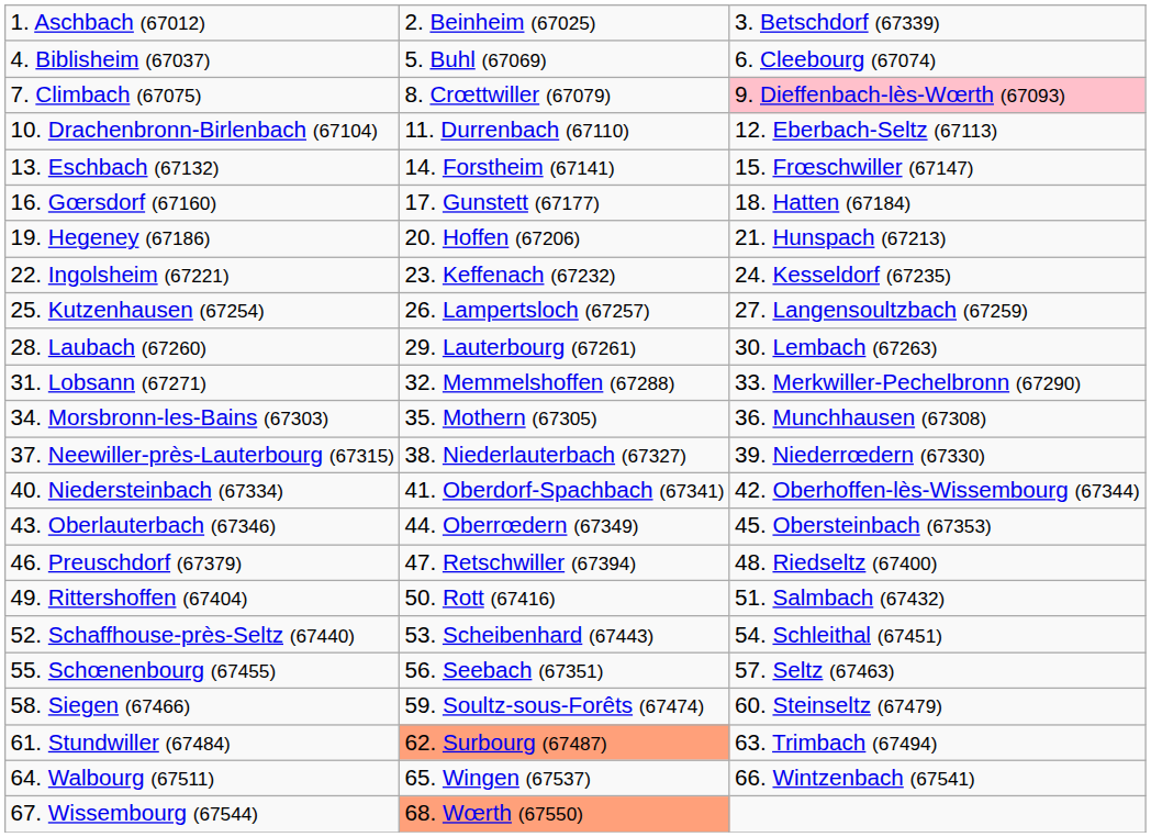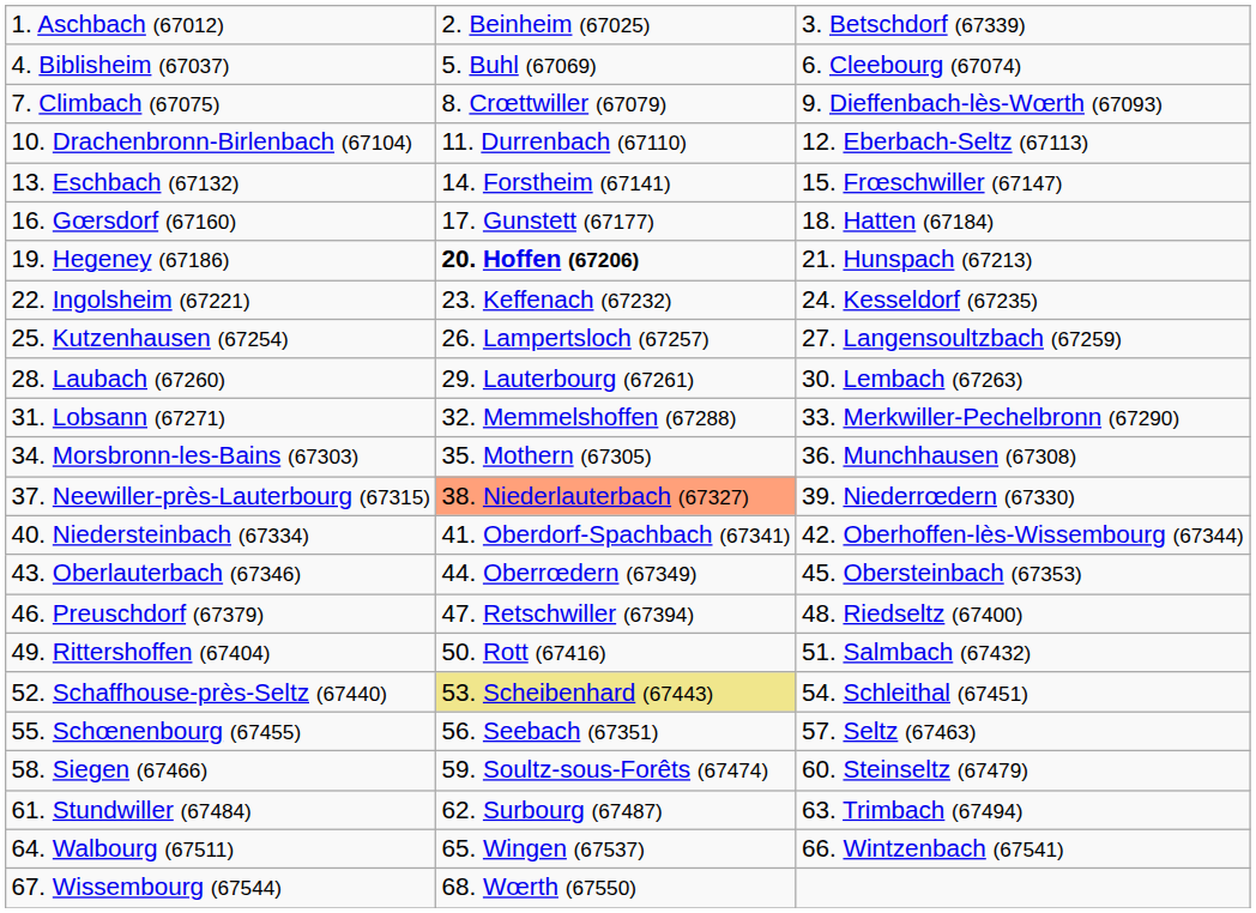 <table class="wikitable">
 <tr>
 <td>1. <a href='#'>Aschbach</a> <small>(67012)</small></td>
 <td>2. <a href='#'>Beinheim</a> <small>(67025)</small></td>
 <td>3. <a href='#'>Betschdorf</a> <small>(67339)</small></td>
 </tr>
 <tr>
 <td>4. <a href='#'>Biblisheim</a> <small>(67037)</small></td>
 <td>5. <a href='#'>Buhl</a> <small>(67069)</small></td>
 <td>6. <a href='#'>Cleebourg</a> <small>(67074)</small></td>
 </tr>
 <tr>
 <td>7. <a href='#'>Climbach</a> <small>(67075)</small></td>
 <td>8. <a href='#'>Crœttwiller</a> <small>(67079)</small></td>
-<td style="background: pink;">9. <a href='#'>Dieffenbach-lès-Wœrth</a> <small>(67093)</small></td>
+<td>9. <a href='#'>Dieffenbach-lès-Wœrth</a> <small>(67093)</small></td>
 </tr>
 <tr>
 <td>10. <a href='#'>Drachenbronn-Birlenbach</a> <small>(67104)</small></td>
 <td>11. <a href='#'>Durrenbach</a> <small>(67110)</small></td>
 <td>12. <a href='#'>Eberbach-Seltz</a> <small>(67113)</small></td>
 </tr>
 <tr>
 <td>13. <a href='#'>Eschbach</a> <small>(67132)</small></td>
 <td>14. <a href='#'>Forstheim</a> <small>(67141)</small></td>
 <td>15. <a href='#'>Frœschwiller</a> <small>(67147)</small></td>
 </tr>
 <tr>
 <td>16. <a href='#'>Gœrsdorf</a> <small>(67160)</small></td>
 <td>17. <a href='#'>Gunstett</a> <small>(67177)</small></td>
 <td>18. <a href='#'>Hatten</a> <small>(67184)</small></td>
 </tr>
 <tr>
 <td>19. <a href='#'>Hegeney</a> <small>(67186)</small></td>
-<td>20. <a href='#'>Hoffen</a> <small>(67206)</small></td>
+<td><strong>20. <a href='#'>Hoffen</a> <small>(67206)</small></strong></td>
 <td>21. <a href='#'>Hunspach</a> <small>(67213)</small></td>
 </tr>
 <tr>
 <td>22. <a href='#'>Ingolsheim</a> <small>(67221)</small></td>
 <td>23. <a href='#'>Keffenach</a> <small>(67232)</small></td>
 <td>24. <a href='#'>Kesseldorf</a> <small>(67235)</small></td>
 </tr>
 <tr>
 <td>25. <a href='#'>Kutzenhausen</a> <small>(67254)</small></td>
 <td>26. <a href='#'>Lampertsloch</a> <small>(67257)</small></td>
 <td>27. <a href='#'>Langensoultzbach</a> <small>(67259)</small></td>
 </tr>
 <tr>
 <td>28. <a href='#'>Laubach</a> <small>(67260)</small></td>
 <td>29. <a href='#'>Lauterbourg</a> <small>(67261)</small></td>
 <td>30. <a href='#'>Lembach</a> <small>(67263)</small></td>
 </tr>
 <tr>
 <td>31. <a href='#'>Lobsann</a> <small>(67271)</small></td>
 <td>32. <a href='#'>Memmelshoffen</a> <small>(67288)</small></td>
 <td>33. <a href='#'>Merkwiller-Pechelbronn</a> <small>(67290)</small></td>
 </tr>
 <tr>
 <td>34. <a href='#'>Morsbronn-les-Bains</a> <small>(67303)</small></td>
 <td>35. <a href='#'>Mothern</a> <small>(67305)</small></td>
 <td>36. <a href='#'>Munchhausen</a> <small>(67308)</small></td>
 </tr>
 <tr>
 <td>37. <a href='#'>Neewiller-près-Lauterbourg</a> <small>(67315)</small></td>
-<td>38. <a href='#'>Niederlauterbach</a> <small>(67327)</small></td>
+<td style="background: lightsalmon;">38. <a href='#'>Niederlauterbach</a> <small>(67327)</small></td>
 <td>39. <a href='#'>Niederrœdern</a> <small>(67330)</small></td>
 </tr>
 <tr>
 <td>40. <a href='#'>Niedersteinbach</a> <small>(67334)</small></td>
 <td>41. <a href='#'>Oberdorf-Spachbach</a> <small>(67341)</small></td>
 <td>42. <a href='#'>Oberhoffen-lès-Wissembourg</a> <small>(67344)</small></td>
 </tr>
 <tr>
 <td>43. <a href='#'>Oberlauterbach</a> <small>(67346)</small></td>
 <td>44. <a href='#'>Oberrœdern</a> <small>(67349)</small></td>
 <td>45. <a href='#'>Obersteinbach</a> <small>(67353)</small></td>
 </tr>
 <tr>
 <td>46. <a href='#'>Preuschdorf</a> <small>(67379)</small></td>
 <td>47. <a href='#'>Retschwiller</a> <small>(67394)</small></td>
 <td>48. <a href='#'>Riedseltz</a> <small>(67400)</small></td>
 </tr>
 <tr>
 <td>49. <a href='#'>Rittershoffen</a> <small>(67404)</small></td>
 <td>50. <a href='#'>Rott</a> <small>(67416)</small></td>
 <td>51. <a href='#'>Salmbach</a> <small>(67432)</small></td>
 </tr>
 <tr>
 <td>52. <a href='#'>Schaffhouse-près-Seltz</a> <small>(67440)</small></td>
-<td>53. <a href='#'>Scheibenhard</a> <small>(67443)</small></td>
+<td style="background: khaki;">53. <a href='#'>Scheibenhard</a> <small>(67443)</small></td>
 <td>54. <a href='#'>Schleithal</a> <small>(67451)</small></td>
 </tr>
 <tr>
 <td>55. <a href='#'>Schœnenbourg</a> <small>(67455)</small></td>
 <td>56. <a href='#'>Seebach</a> <small>(67351)</small></td>
 <td>57. <a href='#'>Seltz</a> <small>(67463)</small></td>
 </tr>
 <tr>
 <td>58. <a href='#'>Siegen</a> <small>(67466)</small></td>
 <td>59. <a href='#'>Soultz-sous-Forêts</a> <small>(67474)</small></td>
 <td>60. <a href='#'>Steinseltz</a> <small>(67479)</small></td>
 </tr>
 <tr>
 <td>61. <a href='#'>Stundwiller</a> <small>(67484)</small></td>
-<td style="background: lightsalmon;">62. <a href='#'>Surbourg</a> <small>(67487)</small></td>
+<td>62. <a href='#'>Surbourg</a> <small>(67487)</small></td>
 <td>63. <a href='#'>Trimbach</a> <small>(67494)</small></td>
 </tr>
 <tr>
 <td>64. <a href='#'>Walbourg</a> <small>(67511)</small></td>
 <td>65. <a href='#'>Wingen</a> <small>(67537)</small></td>
 <td>66. <a href='#'>Wintzenbach</a> <small>(67541)</small></td>
 </tr>
 <tr>
 <td>67. <a href='#'>Wissembourg</a> <small>(67544)</small></td>
-<td style="background: lightsalmon;">68. <a href='#'>Wœrth</a> <small>(67550)</small></td>
+<td>68. <a href='#'>Wœrth</a> <small>(67550)</small></td>
 <td></td>
 </tr>
 </table>
